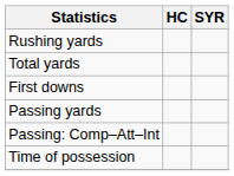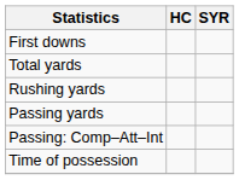 <table class="wikitable" style="float: left;">
 <tr>
 <th>Statistics</th>
 <th>HC</th>
 <th>SYR</th>
 </tr>
 <tr>
-<td>Rushing yards</td>
+<td>First downs</td>
 <td></td>
 <td></td>
 </tr>
 <tr>
 <td>Total yards</td>
 <td></td>
 <td></td>
 </tr>
 <tr>
-<td>First downs</td>
+<td>Rushing yards</td>
 <td></td>
 <td></td>
 </tr>
 <tr>
 <td>Passing yards</td>
 <td></td>
 <td></td>
 </tr>
 <tr>
 <td>Passing: Comp–Att–Int</td>
 <td></td>
 <td></td>
 </tr>
 <tr>
 <td>Time of possession</td>
 <td></td>
 <td></td>
 </tr>
 <tr>
 </tr>
 </table>
